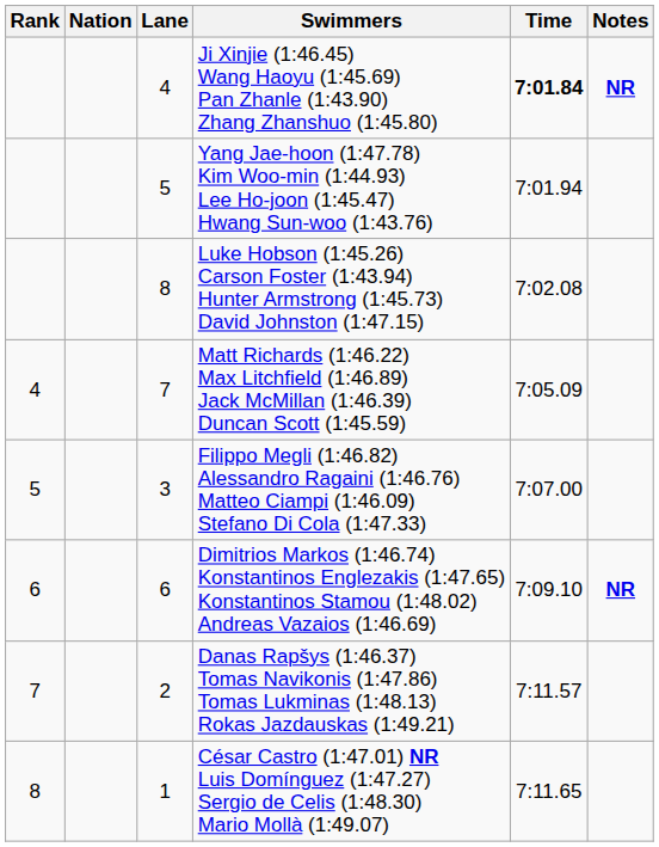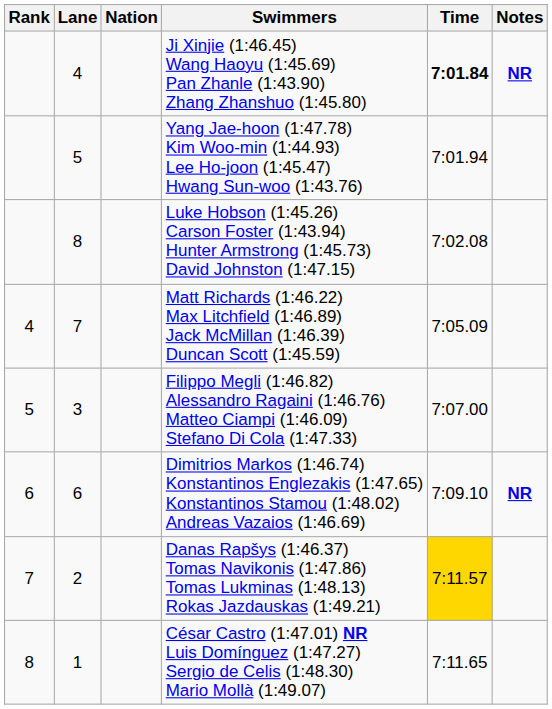 <table class="wikitable sortable" style="text-align:center">
 <tr>
 <th>Rank</th>
+<th>Lane</th>
 <th>Nation</th>
-<th>Lane</th>
 <th>Swimmers</th>
 <th>Time</th>
 <th>Notes</th>
 </tr>
 <tr>
 <td></td>
+<td>4</td>
 <td align=left></td>
-<td>4</td>
 <td align=left><a href='#'>Ji Xinjie</a> (1:46.45)<br><a href='#'>Wang Haoyu</a> (1:45.69)<br><a href='#'>Pan Zhanle</a> (1:43.90)<br><a href='#'>Zhang Zhanshuo</a> (1:45.80)</td>
 <td><strong>7:01.84</strong></td>
 <td><strong><a href='#'>NR</a></strong></td>
 </tr>
 <tr>
 <td></td>
+<td>5</td>
 <td align=left></td>
-<td>5</td>
 <td align=left><a href='#'>Yang Jae-hoon</a> (1:47.78)<br><a href='#'>Kim Woo-min</a> (1:44.93)<br><a href='#'>Lee Ho-joon</a> (1:45.47)<br><a href='#'>Hwang Sun-woo</a> (1:43.76)</td>
 <td>7:01.94</td>
 <td></td>
 </tr>
 <tr>
 <td></td>
+<td>8</td>
 <td align=left></td>
-<td>8</td>
 <td align=left><a href='#'>Luke Hobson</a> (1:45.26)<br><a href='#'>Carson Foster</a> (1:43.94)<br><a href='#'>Hunter Armstrong</a> (1:45.73)<br><a href='#'>David Johnston</a> (1:47.15)</td>
 <td>7:02.08</td>
 <td></td>
 </tr>
 <tr>
 <td>4</td>
+<td>7</td>
 <td align=left></td>
-<td>7</td>
 <td align=left><a href='#'>Matt Richards</a> (1:46.22)<br><a href='#'>Max Litchfield</a> (1:46.89)<br><a href='#'>Jack McMillan</a> (1:46.39)<br><a href='#'>Duncan Scott</a> (1:45.59)</td>
 <td>7:05.09</td>
 <td></td>
 </tr>
 <tr>
 <td>5</td>
+<td>3</td>
 <td align=left></td>
-<td>3</td>
 <td align=left><a href='#'>Filippo Megli</a> (1:46.82)<br><a href='#'>Alessandro Ragaini</a> (1:46.76)<br><a href='#'>Matteo Ciampi</a> (1:46.09)<br><a href='#'>Stefano Di Cola</a> (1:47.33)</td>
 <td>7:07.00</td>
 <td></td>
 </tr>
 <tr>
 <td>6</td>
+<td>6</td>
 <td align=left></td>
-<td>6</td>
 <td align=left><a href='#'>Dimitrios Markos</a> (1:46.74)<br><a href='#'>Konstantinos Englezakis</a> (1:47.65)<br><a href='#'>Konstantinos Stamou</a> (1:48.02)<br><a href='#'>Andreas Vazaios</a> (1:46.69)</td>
 <td>7:09.10</td>
 <td><strong><a href='#'>NR</a></strong></td>
 </tr>
 <tr>
 <td>7</td>
+<td>2</td>
 <td align=left></td>
-<td>2</td>
 <td align=left><a href='#'>Danas Rapšys</a> (1:46.37)<br><a href='#'>Tomas Navikonis</a> (1:47.86)<br><a href='#'>Tomas Lukminas</a> (1:48.13)<br><a href='#'>Rokas Jazdauskas</a> (1:49.21)</td>
-<td>7:11.57</td>
+<td style="background: gold;">7:11.57</td>
 <td></td>
 </tr>
 <tr>
 <td>8</td>
+<td>1</td>
 <td align=left></td>
-<td>1</td>
 <td align=left><a href='#'>César Castro</a> (1:47.01) <strong><a href='#'>NR</a></strong><br><a href='#'>Luis Domínguez</a> (1:47.27)<br><a href='#'>Sergio de Celis</a> (1:48.30)<br><a href='#'>Mario Mollà</a> (1:49.07)</td>
 <td>7:11.65</td>
 <td></td>
 </tr>
 </table>
